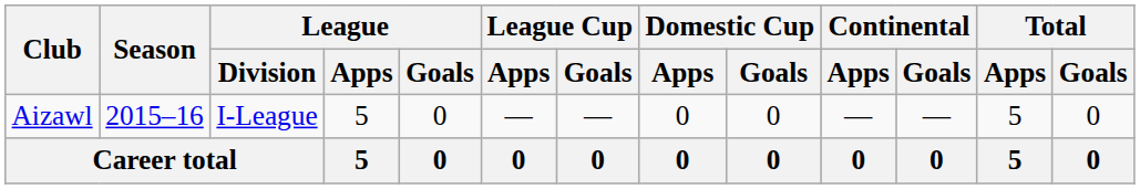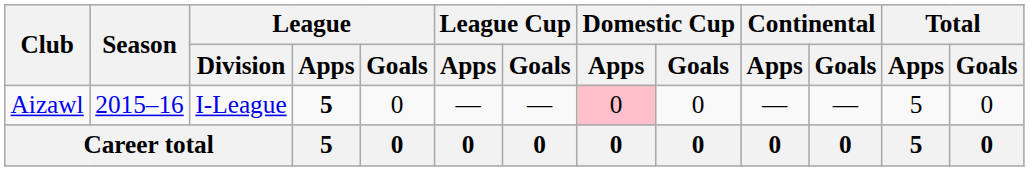 <table class="wikitable" style="text-align: center;">
 <tr>
 <th rowspan="2">Club</th>
 <th rowspan="2">Season</th>
 <th colspan="3">League</th>
 <th colspan="2">League Cup</th>
 <th colspan="2">Domestic Cup</th>
 <th colspan="2">Continental</th>
 <th colspan="2">Total</th>
 </tr>
 <tr>
 <th>Division</th>
 <th>Apps</th>
 <th>Goals</th>
 <th>Apps</th>
 <th>Goals</th>
 <th>Apps</th>
 <th>Goals</th>
 <th>Apps</th>
 <th>Goals</th>
 <th>Apps</th>
 <th>Goals</th>
 </tr>
 <tr>
 <td rowspan="1"><a href='#'>Aizawl</a></td>
 <td><a href='#'>2015–16</a></td>
 <td><a href='#'>I-League</a></td>
-<td>5</td>
+<td><strong>5</strong></td>
 <td>0</td>
 <td>—</td>
 <td>—</td>
-<td>0</td>
+<td style="background: pink;">0</td>
 <td>0</td>
 <td>—</td>
 <td>—</td>
 <td>5</td>
 <td>0</td>
 </tr>
 <tr>
 <th colspan="3">Career total</th>
 <th>5</th>
 <th>0</th>
 <th>0</th>
 <th>0</th>
 <th>0</th>
 <th>0</th>
 <th>0</th>
 <th>0</th>
 <th>5</th>
 <th>0</th>
 </tr>
 </table>
